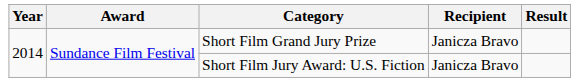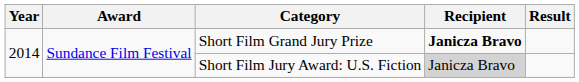 <table class="wikitable sortable" style="margin:1em auto;">
 <tr>
 <th>Year</th>
 <th>Award</th>
 <th>Category</th>
 <th>Recipient</th>
 <th>Result</th>
 </tr>
 <tr>
 <td rowspan="2">2014</td>
 <td rowspan="2"><a href='#'>Sundance Film Festival</a></td>
 <td>Short Film Grand Jury Prize</td>
-<td>Janicza Bravo</td>
+<td><strong>Janicza Bravo</strong></td>
 <td></td>
 </tr>
 <tr>
 <td>Short Film Jury Award: U.S. Fiction</td>
-<td>Janicza Bravo</td>
+<td style="background: lightgrey;">Janicza Bravo</td>
 <td></td>
 </tr>
 </table>
